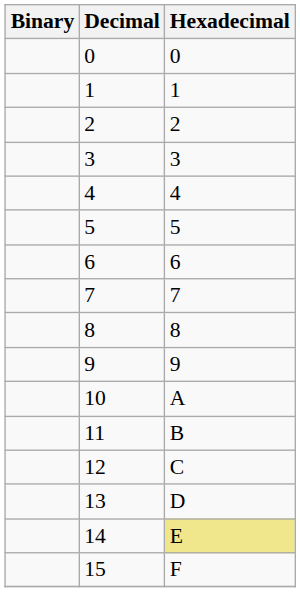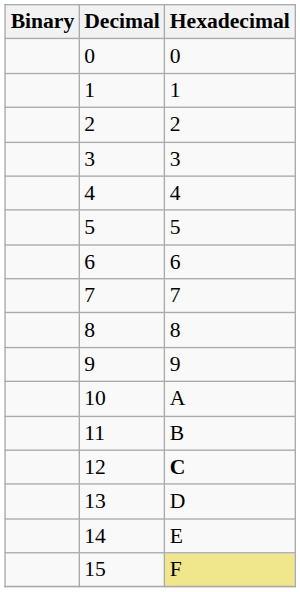 <table class="wikitable" style="margin:auto">
 <tr>
 <th>Binary</th>
 <th>Decimal</th>
 <th>Hexadecimal</th>
 </tr>
 <tr>
 <td></td>
 <td>0</td>
 <td>0</td>
 </tr>
 <tr>
 <td></td>
 <td>1</td>
 <td>1</td>
 </tr>
 <tr>
 <td></td>
 <td>2</td>
 <td>2</td>
 </tr>
 <tr>
 <td></td>
 <td>3</td>
 <td>3</td>
 </tr>
 <tr>
 <td></td>
 <td>4</td>
 <td>4</td>
 </tr>
 <tr>
 <td></td>
 <td>5</td>
 <td>5</td>
 </tr>
 <tr>
 <td></td>
 <td>6</td>
 <td>6</td>
 </tr>
 <tr>
 <td></td>
 <td>7</td>
 <td>7</td>
 </tr>
 <tr>
 <td></td>
 <td>8</td>
 <td>8</td>
 </tr>
 <tr>
 <td></td>
 <td>9</td>
 <td>9</td>
 </tr>
 <tr>
 <td></td>
 <td>10</td>
 <td>A</td>
 </tr>
 <tr>
 <td></td>
 <td>11</td>
 <td>B</td>
 </tr>
 <tr>
 <td></td>
 <td>12</td>
-<td>C</td>
+<td><strong>C</strong></td>
 </tr>
 <tr>
 <td></td>
 <td>13</td>
 <td>D</td>
 </tr>
 <tr>
 <td></td>
 <td>14</td>
-<td style="background: khaki;">E</td>
+<td>E</td>
 </tr>
 <tr>
 <td></td>
 <td>15</td>
-<td>F</td>
+<td style="background: khaki;">F</td>
 </tr>
 <tr>
 </tr>
 </table>
